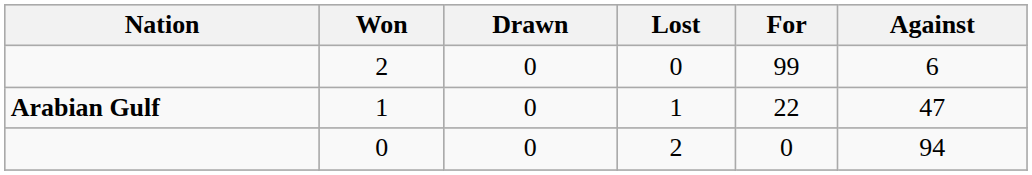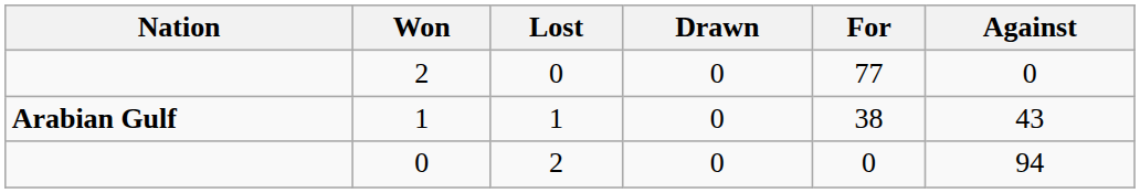 <table class="wikitable" style="text-align: center; width:50%">
 <tr>
 <th>Nation</th>
 <th>Won</th>
+<th>Lost</th>
 <th>Drawn</th>
-<th>Lost</th>
 <th>For</th>
 <th>Against</th>
 </tr>
 <tr>
 <td align=left></td>
 <td>2</td>
 <td>0</td>
 <td>0</td>
-<td>99</td>
-<td>6</td>
+<td>77</td>
+<td>0</td>
 </tr>
 <tr>
 <td align=left><strong> Arabian Gulf</strong></td>
 <td>1</td>
+<td>1</td>
 <td>0</td>
-<td>1</td>
-<td>22</td>
-<td>47</td>
+<td>38</td>
+<td>43</td>
 </tr>
 <tr>
 <td align=left></td>
 <td>0</td>
+<td>2</td>
 <td>0</td>
-<td>2</td>
 <td>0</td>
 <td>94</td>
 </tr>
 </table>
